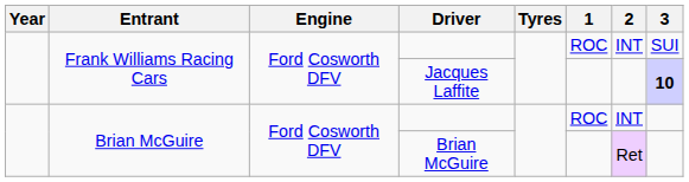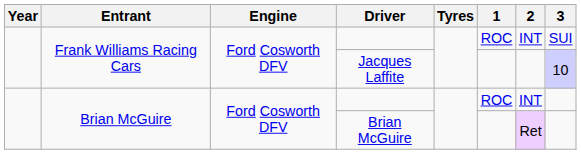 <table class="wikitable" style="text-align:center; font-size:95%">
 <tr>
 <th>Year</th>
 <th>Entrant</th>
 <th>Engine</th>
 <th>Driver</th>
 <th>Tyres</th>
 <th>1</th>
 <th>2</th>
 <th>3</th>
 </tr>
 <tr>
 <td rowspan="2"></td>
 <td rowspan="2"><a href='#'>Frank Williams Racing Cars</a></td>
 <td rowspan="2"><a href='#'>Ford</a> <a href='#'>Cosworth DFV</a></td>
 <td></td>
 <td rowspan="2"></td>
 <td><a href='#'>ROC</a></td>
 <td><a href='#'>INT</a></td>
 <td><a href='#'>SUI</a></td>
 </tr>
 <tr>
 <td><a href='#'>Jacques Laffite</a></td>
 <td></td>
 <td></td>
-<td style="background:#CFCFFF;"><strong>10</strong></td>
+<td style="background:#CFCFFF;">10</td>
 </tr>
 <tr>
 <td rowspan="2"></td>
 <td rowspan="2"><a href='#'>Brian McGuire</a></td>
 <td rowspan="2"><a href='#'>Ford</a> <a href='#'>Cosworth DFV</a></td>
 <td></td>
 <td rowspan="2"></td>
 <td><a href='#'>ROC</a></td>
 <td><a href='#'>INT</a></td>
 <td></td>
 </tr>
 <tr>
 <td><a href='#'>Brian McGuire</a></td>
 <td></td>
 <td style="background:#EFCFFF;">Ret</td>
 <td></td>
 </tr>
 </table>
